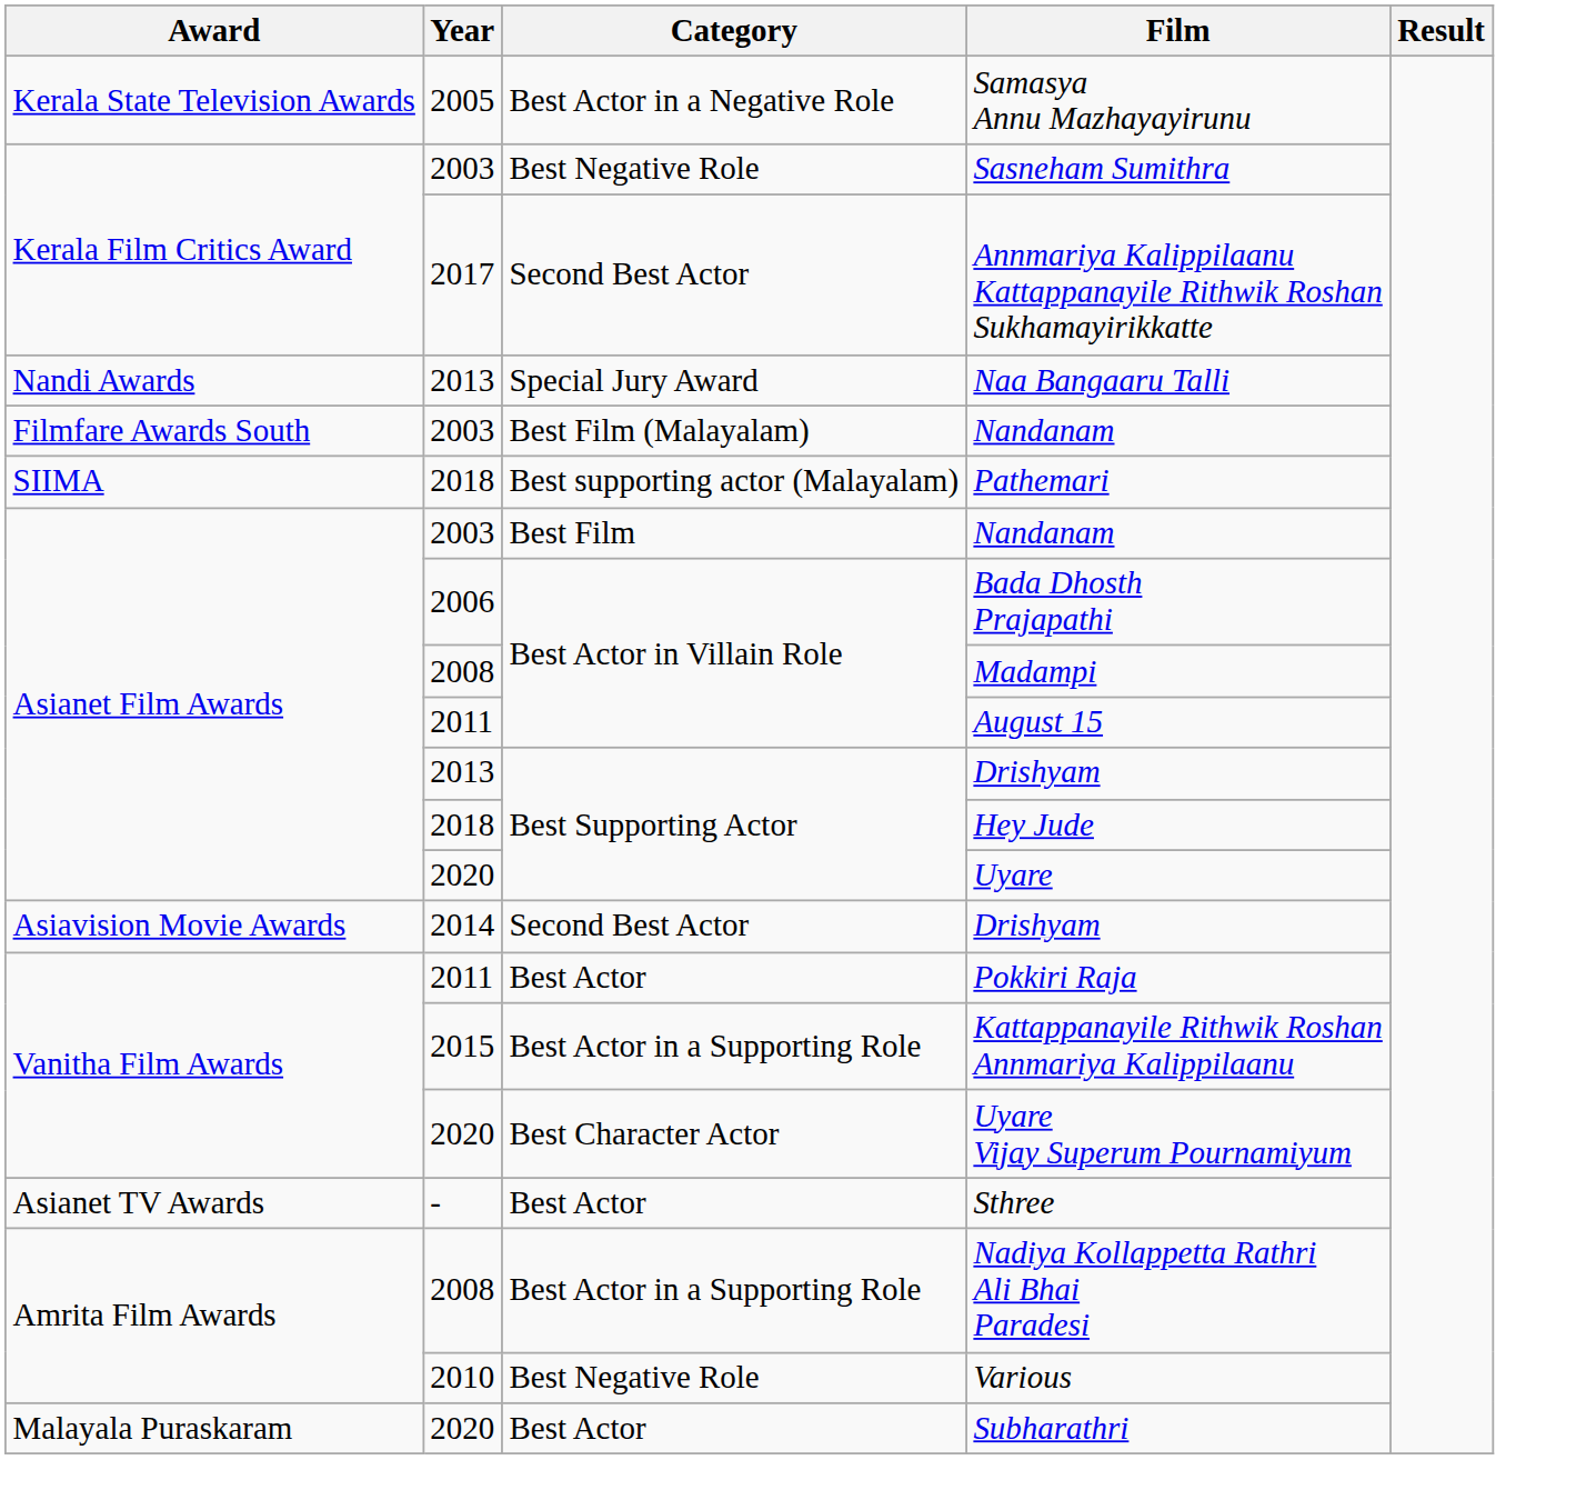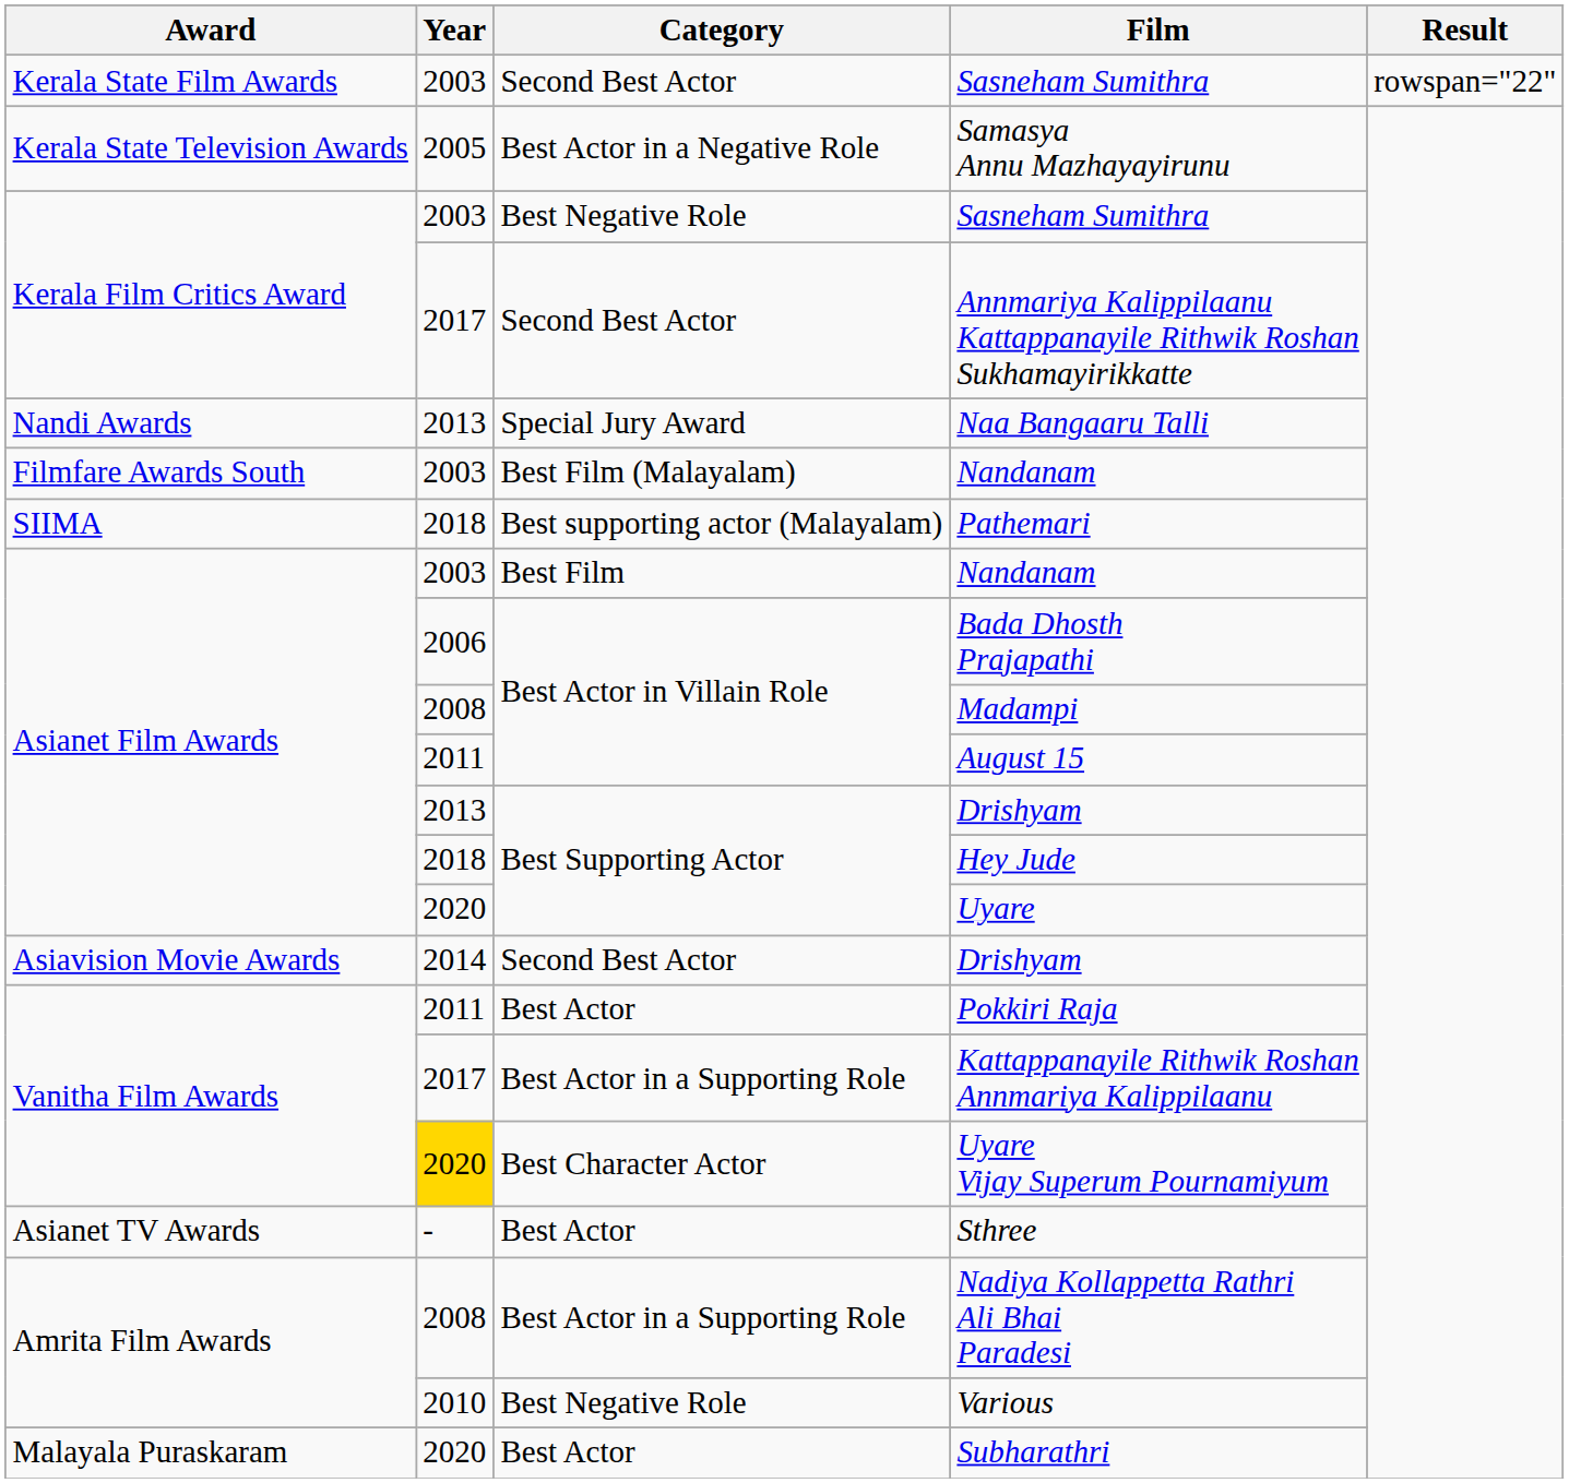 <table class="wikitable sortable">
 <tr>
 <th>Award</th>
 <th>Year</th>
 <th>Category</th>
 <th>Film</th>
 <th>Result</th>
+</tr>
+<tr>
+<td><a href='#'>Kerala State Film Awards</a></td>
+<td>2003</td>
+<td>Second Best Actor</td>
+<td><em><a href='#'>Sasneham Sumithra</a></em></td>
+<td>rowspan="22"</td>
 </tr>
 <tr>
 <td><a href='#'>Kerala State Television Awards</a></td>
 <td>2005</td>
 <td>Best Actor in a Negative Role</td>
 <td><em>Samasya</em><br><em>Annu Mazhayayirunu</em></td>
 </tr>
 <tr>
 <td rowspan="2"><a href='#'>Kerala Film Critics Award</a></td>
 <td>2003</td>
 <td>Best Negative Role</td>
 <td><em><a href='#'>Sasneham Sumithra</a></em></td>
 </tr>
 <tr>
 <td>2017</td>
 <td>Second Best Actor</td>
 <td><br><em><a href='#'>Annmariya Kalippilaanu</a></em><br><em><a href='#'>Kattappanayile Rithwik Roshan</a></em><br><em>Sukhamayirikkatte</em></td>
 </tr>
 <tr>
 <td><a href='#'>Nandi Awards</a></td>
 <td>2013</td>
 <td>Special Jury Award</td>
 <td><em><a href='#'>Naa Bangaaru Talli</a></em></td>
 </tr>
 <tr>
 <td><a href='#'>Filmfare Awards South</a></td>
 <td>2003</td>
 <td>Best Film (Malayalam)</td>
 <td><a href='#'><em>Nandanam</em></a></td>
 </tr>
 <tr>
 <td><a href='#'>SIIMA</a></td>
 <td>2018</td>
 <td>Best supporting actor (Malayalam)</td>
 <td><em><a href='#'>Pathemari</a></em></td>
 </tr>
 <tr>
 <td rowspan="7"><a href='#'>Asianet Film Awards</a></td>
 <td>2003</td>
 <td>Best Film</td>
 <td><a href='#'><em>Nandanam</em></a></td>
 </tr>
 <tr>
 <td>2006</td>
 <td rowspan="3">Best Actor in Villain Role</td>
 <td><em><a href='#'>Bada Dhosth</a></em><br><em><a href='#'>Prajapathi</a></em></td>
 </tr>
 <tr>
 <td>2008</td>
 <td><em><a href='#'>Madampi</a></em></td>
 </tr>
 <tr>
 <td>2011</td>
 <td><em><a href='#'>August 15</a></em></td>
 </tr>
 <tr>
 <td>2013</td>
 <td rowspan="3">Best Supporting Actor</td>
 <td><em><a href='#'>Drishyam</a></em></td>
 </tr>
 <tr>
 <td>2018</td>
 <td><a href='#'><em>Hey Jude</em></a></td>
 </tr>
 <tr>
 <td>2020</td>
 <td><em><a href='#'>Uyare</a></em></td>
 </tr>
 <tr>
 <td><a href='#'>Asiavision Movie Awards</a></td>
 <td>2014</td>
 <td>Second Best Actor</td>
 <td><em><a href='#'>Drishyam</a></em></td>
 </tr>
 <tr>
 <td rowspan="3"><a href='#'>Vanitha Film Awards</a></td>
 <td>2011</td>
 <td>Best Actor</td>
 <td><a href='#'><em>Pokkiri Raja</em></a></td>
 </tr>
 <tr>
-<td>2015</td>
+<td>2017</td>
 <td>Best Actor in a Supporting Role</td>
 <td><em><a href='#'>Kattappanayile Rithwik Roshan</a></em><br><em><a href='#'>Annmariya Kalippilaanu</a></em></td>
 </tr>
 <tr>
-<td>2020</td>
+<td style="background: gold;">2020</td>
 <td>Best Character Actor</td>
 <td><em><a href='#'>Uyare</a></em><br><em><a href='#'>Vijay Superum Pournamiyum</a></em></td>
 </tr>
 <tr>
 <td>Asianet TV Awards</td>
 <td>-</td>
 <td>Best Actor</td>
 <td><em>Sthree</em></td>
 </tr>
 <tr>
 <td rowspan="2">Amrita Film Awards</td>
 <td>2008</td>
 <td>Best Actor in a Supporting Role</td>
 <td><em><a href='#'>Nadiya Kollappetta Rathri</a></em><br><em><a href='#'>Ali Bhai</a><br><a href='#'>Paradesi</a></em></td>
 </tr>
 <tr>
 <td>2010</td>
 <td>Best Negative Role</td>
 <td><em>Various</em></td>
 </tr>
 <tr>
 <td>Malayala Puraskaram</td>
 <td>2020</td>
 <td>Best Actor</td>
 <td><em><a href='#'>Subharathri</a></em></td>
 </tr>
 </table>
